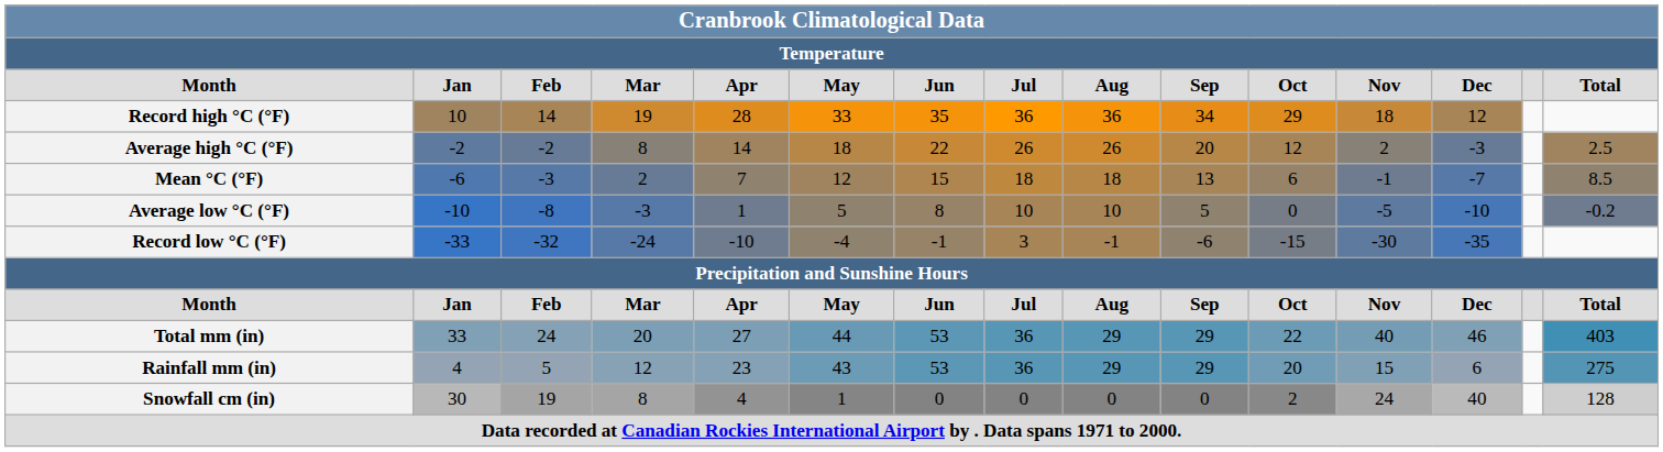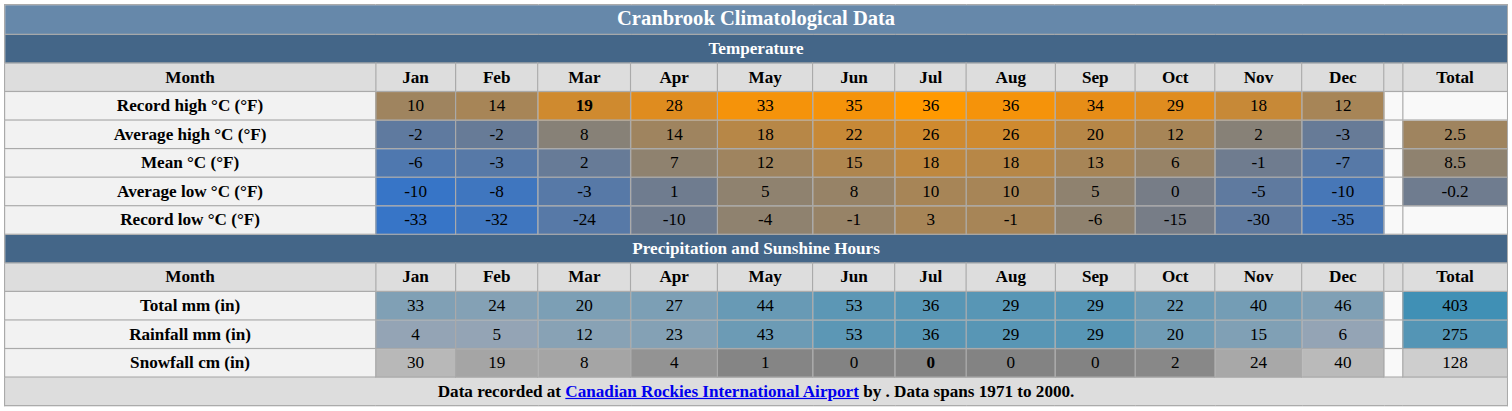 <table class="wikitable collapsible" style="font-size:90%;width:100%;border:0px;text-align:center;line-height:120%;">
 <tr>
 <th colspan= "15" style="background: #6688AA; color: white;"><big>Cranbrook Climatological Data</big></th>
 </tr>
 <tr>
 <th colspan= "15" style="background: #446688; color: white;">Temperature</th>
 </tr>
 <tr>
 <th style="background: #DDDDDD;" height="16">Month</th>
 <th style="background: #DDDDDD;">Jan</th>
 <th style="background: #DDDDDD;">Feb</th>
 <th style="background: #DDDDDD;">Mar</th>
 <th style="background: #DDDDDD;">Apr</th>
 <th style="background: #DDDDDD;">May</th>
 <th style="background: #DDDDDD;">Jun</th>
 <th style="background: #DDDDDD;">Jul</th>
 <th style="background: #DDDDDD;">Aug</th>
 <th style="background: #DDDDDD;">Sep</th>
 <th style="background: #DDDDDD;">Oct</th>
 <th style="background: #DDDDDD;">Nov</th>
 <th style="background: #DDDDDD;">Dec</th>
 <th style="background: #DDDDDD;"></th>
 <th style="background: #DDDDDD;">Total</th>
 </tr>
 <tr>
 <th height="16;">Record high °C (°F)</th>
 <td style="background: #9F845F; color: black;">10</td>
 <td style="background: #A78557; color: black;">14</td>
-<td style="background: #CF8A2F; color: black;">19</td>
+<td style="background: #CF8A2F; color: black;"><strong>19</strong></td>
 <td style="background: #DF8C1F; color: black;">28</td>
 <td style="background: #F5930A; color: black;">33</td>
 <td style="background: #F5930A; color: black;">35</td>
 <td style="background: #FF9900; color: black;">36</td>
 <td style="background: #F5930A; color: black;">36</td>
 <td style="background: #E78D17; color: black;">34</td>
 <td style="background: #DF8C1F; color: black;">29</td>
 <td style="background: #C78937; color: black;">18</td>
 <td style="background: #A78557; color: black;">12</td>
 <td></td>
 <td></td>
 </tr>
 <tr>
 <th height="16;">Average high °C (°F)</th>
 <td style="background: #5F7A9F; color: black;">-2</td>
 <td style="background: #677B97; color: black;">-2</td>
 <td style="background: #878177; color: black;">8</td>
 <td style="background: #9F845F; color: black;">14</td>
 <td style="background: #B78747; color: black;">18</td>
 <td style="background: #C78937; color: black;">22</td>
 <td style="background: #CF8A2F; color: black;">26</td>
 <td style="background: #CF8A2F; color: black;">26</td>
 <td style="background: #B78747; color: black;">20</td>
 <td style="background: #A78557; color: black;">12</td>
 <td style="background: #878177; color: black;">2</td>
 <td style="background: #677B97; color: black;">-3</td>
 <td></td>
 <td style="background: #9F845F; color: black;">2.5</td>
 </tr>
 <tr>
 <th height="16;">Mean °C (°F)</th>
 <td style="background: #4F78AF; color: black;">-6</td>
 <td style="background: #5779A7; color: black;">-3</td>
 <td style="background: #677B97; color: black;">2</td>
 <td style="background: #8F826F; color: black;">7</td>
 <td style="background: #9F845F; color: black;">12</td>
 <td style="background: #AF864F; color: black;">15</td>
 <td style="background: #BF883F; color: black;">18</td>
 <td style="background: #B78747; color: black;">18</td>
 <td style="background: #A78557; color: black;">13</td>
 <td style="background: #978367; color: black;">6</td>
 <td style="background: #6F7C8F; color: black;">-1</td>
 <td style="background: #5779A7; color: black;">-7</td>
 <td></td>
 <td style="background: #8F826F; color: black;">8.5</td>
 </tr>
 <tr>
 <th height="16;">Average low °C (°F)</th>
 <td style="background: #3775C7; color: black;">-10</td>
 <td style="background: #3F76BF; color: black;">-8</td>
 <td style="background: #5779A7; color: black;">-3</td>
 <td style="background: #6F7C8F; color: black;">1</td>
 <td style="background: #8F826F; color: black;">5</td>
 <td style="background: #978367; color: black;">8</td>
 <td style="background: #A78557; color: black;">10</td>
 <td style="background: #A78557; color: black;">10</td>
 <td style="background: #8F826F; color: black;">5</td>
 <td style="background: #777D87; color: black;">0</td>
 <td style="background: #5F7A9F; color: black;">-5</td>
 <td style="background: #4777B7; color: black;">-10</td>
 <td></td>
 <td style="background: #6F7C8F; color: black;">-0.2</td>
 </tr>
 <tr>
 <th height="16;">Record low °C (°F)</th>
 <td style="background: #3775C7; color: black;">-33</td>
 <td style="background: #3F76BF; color: black;">-32</td>
 <td style="background: #5779A7; color: black;">-24</td>
 <td style="background: #6F7C8F; color: black;">-10</td>
 <td style="background: #8F826F; color: black;">-4</td>
 <td style="background: #978367; color: black;">-1</td>
 <td style="background: #A78557; color: black;">3</td>
 <td style="background: #A78557; color: black;">-1</td>
 <td style="background: #8F826F; color: black;">-6</td>
 <td style="background: #777D87; color: black;">-15</td>
 <td style="background: #5F7A9F; color: black;">-30</td>
 <td style="background: #4777B7; color: black;">-35</td>
 <td></td>
 <td></td>
 </tr>
 <tr>
 <th colspan= "15" style="background: #446688; color: white;">Precipitation and Sunshine Hours</th>
 </tr>
 <tr>
 <th style="background: #DDDDDD;" height="16">Month</th>
 <th style="background: #DDDDDD;">Jan</th>
 <th style="background: #DDDDDD;">Feb</th>
 <th style="background: #DDDDDD;">Mar</th>
 <th style="background: #DDDDDD;">Apr</th>
 <th style="background: #DDDDDD;">May</th>
 <th style="background: #DDDDDD;">Jun</th>
 <th style="background: #DDDDDD;">Jul</th>
 <th style="background: #DDDDDD;">Aug</th>
 <th style="background: #DDDDDD;">Sep</th>
 <th style="background: #DDDDDD;">Oct</th>
 <th style="background: #DDDDDD;">Nov</th>
 <th style="background: #DDDDDD;">Dec</th>
 <th style="background: #DDDDDD;"></th>
 <th style="background: #DDDDDD;">Total</th>
 </tr>
 <tr>
 <th height="16;">Total mm (in)</th>
 <td style="background: #80A0B5; color: black;">33</td>
 <td style="background: #84A1B5; color: black;">24</td>
 <td style="background: #7C9FB5; color: black;">20</td>
 <td style="background: #7C9FB5; color: black;">27</td>
 <td style="background: #689AB5; color: black;">44</td>
 <td style="background: #5C97B5; color: black;">53</td>
 <td style="background: #5896B5; color: black;">36</td>
 <td style="background: #5896B5; color: black;">29</td>
 <td style="background: #5896B5; color: black;">29</td>
 <td style="background: #6C9BB5; color: black;">22</td>
 <td style="background: #749DB5; color: black;">40</td>
 <td style="background: #80A0B5; color: black;">46</td>
 <td></td>
 <td style="background: #4090B5; color: black;">403</td>
 </tr>
 <tr>
 <th height="16;">Rainfall mm (in)</th>
 <td style="background: #94A4B5; color: black;">4</td>
 <td style="background: #94A4B5; color: black;">5</td>
 <td style="background: #88A2B5; color: black;">12</td>
 <td style="background: #84A1B5; color: black;">23</td>
 <td style="background: #6C9BB5; color: black;">43</td>
 <td style="background: #5C97B5; color: black;">53</td>
 <td style="background: #5896B5; color: black;">36</td>
 <td style="background: #5896B5; color: black;">29</td>
 <td style="background: #5896B5; color: black;">29</td>
 <td style="background: #709CB5; color: black;">20</td>
 <td style="background: #80A0B5; color: black;">15</td>
 <td style="background: #94A4B5; color: black;">6</td>
 <td></td>
 <td style="background: #5495B5; color: black;">275</td>
 </tr>
 <tr>
 <th height="16;">Snowfall cm (in)</th>
 <td style="background: #B8B8B8; color: black;">30</td>
 <td style="background: #A5A5A5; color: black;">19</td>
 <td style="background: #A5A5A5; color: black;">8</td>
 <td style="background: #939393; color: black;">4</td>
 <td style="background: #858585; color: black;">1</td>
 <td style="background: #838383; color: black;">0</td>
-<td style="background: #838383; color: black;">0</td>
+<td style="background: #838383; color: black;"><strong>0</strong></td>
 <td style="background: #838383; color: black;">0</td>
 <td style="background: #838383; color: black;">0</td>
 <td style="background: #888888; color: black;">2</td>
 <td style="background: #A8A8A8; color: black;">24</td>
 <td style="background: #BABABA; color: black;">40</td>
 <td></td>
 <td style="background: #CECECE; color: black;">128</td>
 </tr>
 <tr>
 <th colspan= "15" style="background: #DDDDDD;">Data recorded at <a href='#'>Canadian Rockies International Airport</a> by . Data spans 1971 to 2000.</th>
 </tr>
 </table>
